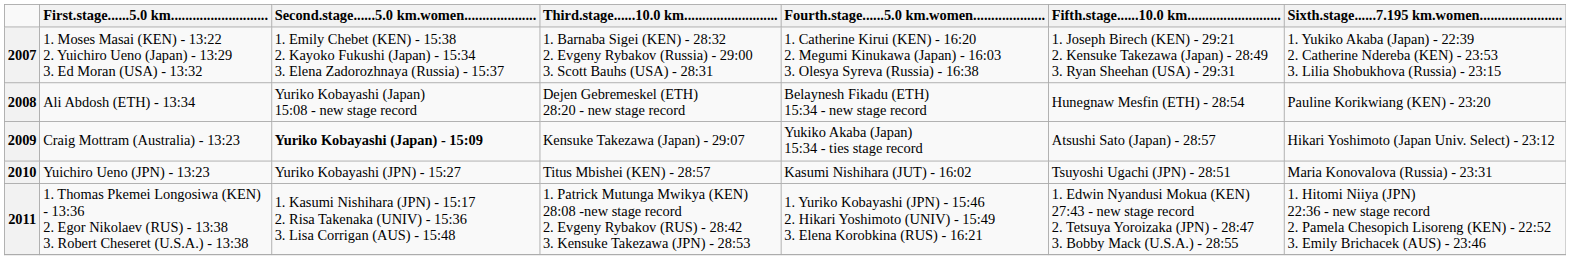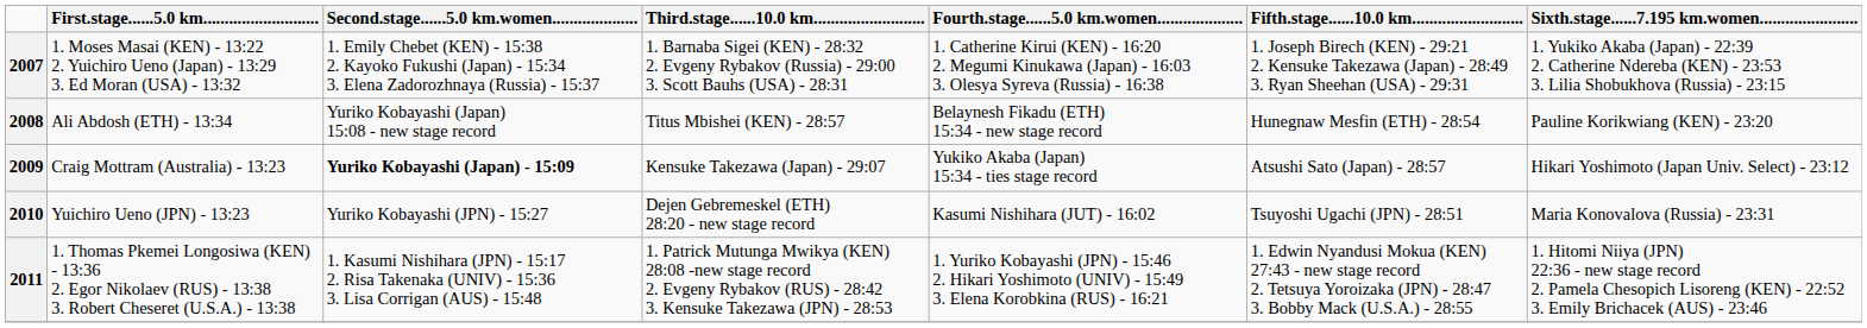 <table class="wikitable" style="text-align:left; width:105%; align:top;">
 <tr>
 <td></td>
 <th scope="col">First.stage......5.0 km...........................</th>
 <th scope="col">Second.stage......5.0 km.women....................</th>
 <th scope="col">Third.stage......10.0 km..........................</th>
 <th scope="col">Fourth.stage......5.0 km.women....................</th>
 <th scope="col">Fifth.stage......10.0 km..........................</th>
 <th scope="col">Sixth.stage......7.195 km.women.......................</th>
 </tr>
 <tr>
 <th scope="row">2007</th>
 <td>1. Moses Masai (KEN) - 13:22<br>2. Yuichiro Ueno (Japan) - 13:29<br>3. Ed Moran (USA) - 13:32</td>
 <td>1. Emily Chebet (KEN) - 15:38<br>2. Kayoko Fukushi (Japan) - 15:34<br>3. Elena Zadorozhnaya (Russia) - 15:37</td>
 <td>1. Barnaba Sigei (KEN) - 28:32<br>2. Evgeny Rybakov (Russia) - 29:00<br>3. Scott Bauhs (USA) - 28:31</td>
 <td>1. Catherine Kirui (KEN) - 16:20<br>2. Megumi Kinukawa (Japan) - 16:03<br>3. Olesya Syreva (Russia) - 16:38</td>
 <td>1. Joseph Birech (KEN) - 29:21<br>2. Kensuke Takezawa (Japan) - 28:49<br>3. Ryan Sheehan (USA) - 29:31</td>
 <td>1. Yukiko Akaba (Japan) - 22:39<br>2. Catherine Ndereba (KEN) - 23:53 <br>3. Lilia Shobukhova (Russia) - 23:15</td>
 </tr>
 <tr>
 <th scope="row">2008</th>
 <td>Ali Abdosh (ETH) - 13:34</td>
 <td>Yuriko Kobayashi (Japan)<br>15:08 - new stage record</td>
-<td>Dejen Gebremeskel (ETH)<br>28:20 - new stage record</td>
+<td>Titus Mbishei (KEN) - 28:57</td>
 <td>Belaynesh Fikadu (ETH)<br>15:34 - new stage record</td>
 <td>Hunegnaw Mesfin (ETH) - 28:54</td>
 <td>Pauline Korikwiang (KEN) - 23:20</td>
 </tr>
 <tr>
 <th scope="row">2009</th>
 <td>Craig Mottram (Australia) - 13:23</td>
 <td><strong>Yuriko Kobayashi (Japan) - 15:09</strong></td>
 <td>Kensuke Takezawa (Japan) - 29:07</td>
 <td>Yukiko Akaba (Japan)<br>15:34 - ties stage record</td>
 <td>Atsushi Sato (Japan) - 28:57</td>
 <td>Hikari Yoshimoto (Japan Univ. Select) - 23:12</td>
 </tr>
 <tr>
 <th scope="row">2010</th>
 <td>Yuichiro Ueno (JPN) - 13:23</td>
 <td>Yuriko Kobayashi (JPN) - 15:27</td>
-<td>Titus Mbishei (KEN) - 28:57</td>
+<td>Dejen Gebremeskel (ETH)<br>28:20 - new stage record</td>
 <td>Kasumi Nishihara (JUT) - 16:02</td>
 <td>Tsuyoshi Ugachi (JPN) - 28:51</td>
 <td>Maria Konovalova (Russia) - 23:31</td>
 </tr>
 <tr>
 <th scope="row">2011</th>
 <td>1. Thomas Pkemei Longosiwa (KEN) - 13:36<br>2. Egor Nikolaev (RUS) - 13:38<br>3. Robert Cheseret (U.S.A.) - 13:38</td>
 <td>1. Kasumi Nishihara (JPN) - 15:17<br>2. Risa Takenaka (UNIV) - 15:36<br>3. Lisa Corrigan (AUS) - 15:48</td>
 <td>1. Patrick Mutunga Mwikya (KEN)<br>28:08 -new stage record<br>2. Evgeny Rybakov (RUS) - 28:42<br>3. Kensuke Takezawa (JPN) - 28:53</td>
 <td>1. Yuriko Kobayashi (JPN) - 15:46<br>2. Hikari Yoshimoto (UNIV) - 15:49<br>3. Elena Korobkina (RUS) - 16:21</td>
 <td>1. Edwin Nyandusi Mokua (KEN)<br>27:43 - new stage record<br>2. Tetsuya Yoroizaka (JPN) - 28:47<br>3. Bobby Mack (U.S.A.) - 28:55</td>
 <td>1. Hitomi Niiya (JPN)<br>22:36 - new stage record<br>2. Pamela Chesopich Lisoreng (KEN) - 22:52<br>3. Emily Brichacek (AUS) - 23:46</td>
 </tr>
 <tr>
 </tr>
 </table>
